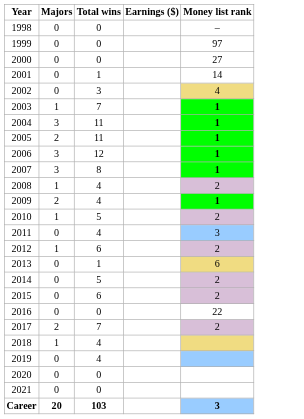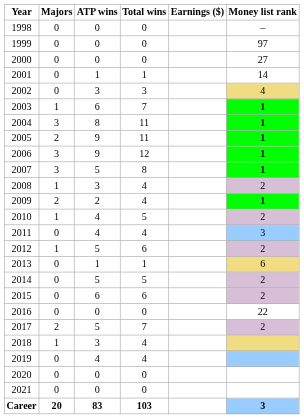 <table cellpadding=3 cellspacing=0 border=1 style=font-size:100%;border:#aaa;solid:1;border-collapse:collapse;text-align:center>
 <tr>
 <th>Year</th>
 <th>Majors</th>
+<th>ATP wins</th>
 <th>Total wins</th>
 <th>Earnings ($)</th>
 <th>Money list rank</th>
 </tr>
 <tr>
 <td>1998</td>
+<td>0</td>
 <td>0</td>
 <td>0</td>
 <td align=right></td>
 <td>–</td>
 </tr>
 <tr>
 <td>1999</td>
 <td>0</td>
 <td>0</td>
+<td>0</td>
 <td align=right></td>
 <td>97</td>
 </tr>
 <tr>
 <td>2000</td>
+<td>0</td>
 <td>0</td>
 <td>0</td>
 <td align=right></td>
 <td>27</td>
 </tr>
 <tr>
 <td>2001</td>
 <td>0</td>
 <td>1</td>
+<td>1</td>
 <td align=right></td>
 <td>14</td>
 </tr>
 <tr>
 <td>2002</td>
 <td>0</td>
 <td>3</td>
+<td>3</td>
 <td align=right></td>
 <td bgcolor=f0dc82>4</td>
 </tr>
 <tr>
 <td>2003</td>
 <td>1</td>
+<td>6</td>
 <td>7</td>
 <td align=right></td>
 <td bgcolor=lime><strong>1</strong></td>
 </tr>
 <tr>
 <td>2004</td>
 <td>3</td>
+<td>8</td>
 <td>11</td>
 <td align=right></td>
 <td bgcolor=lime><strong>1</strong></td>
 </tr>
 <tr>
 <td>2005</td>
 <td>2</td>
+<td>9</td>
 <td>11</td>
 <td align=right></td>
 <td bgcolor=lime><strong>1</strong></td>
 </tr>
 <tr>
 <td>2006</td>
 <td>3</td>
+<td>9</td>
 <td>12</td>
 <td align=right></td>
 <td bgcolor=lime><strong>1</strong></td>
 </tr>
 <tr>
 <td>2007</td>
 <td>3</td>
+<td>5</td>
 <td>8</td>
 <td align=right></td>
 <td bgcolor=lime><strong>1</strong></td>
 </tr>
 <tr>
 <td>2008</td>
 <td>1</td>
+<td>3</td>
 <td>4</td>
 <td align=right></td>
 <td style="background:thistle;">2</td>
 </tr>
 <tr>
 <td>2009</td>
+<td>2</td>
 <td>2</td>
 <td>4</td>
 <td align=right></td>
 <td bgcolor=lime><strong>1</strong></td>
 </tr>
 <tr>
 <td>2010</td>
 <td>1</td>
+<td>4</td>
 <td>5</td>
 <td align=right></td>
 <td style="background:thistle;">2</td>
 </tr>
 <tr>
 <td>2011</td>
 <td>0</td>
 <td>4</td>
+<td>4</td>
 <td align=right></td>
 <td style="background:#9cf;">3</td>
 </tr>
 <tr>
 <td>2012</td>
 <td>1</td>
+<td>5</td>
 <td>6</td>
 <td align=right></td>
 <td style="background:thistle;">2</td>
 </tr>
 <tr>
 <td>2013</td>
 <td>0</td>
 <td>1</td>
+<td>1</td>
 <td align=right></td>
 <td bgcolor=f0dc82>6</td>
 </tr>
 <tr>
 <td>2014</td>
 <td>0</td>
+<td>5</td>
 <td>5</td>
 <td align=right></td>
 <td style="background:thistle;">2</td>
 </tr>
 <tr>
 <td>2015</td>
 <td>0</td>
 <td>6</td>
+<td>6</td>
 <td align=right></td>
 <td style="background:thistle;">2</td>
 </tr>
 <tr>
 <td>2016</td>
+<td>0</td>
 <td>0</td>
 <td>0</td>
 <td align=right></td>
 <td>22</td>
 </tr>
 <tr>
 <td>2017</td>
 <td>2</td>
+<td>5</td>
 <td>7</td>
 <td align=right></td>
 <td style="background:thistle;">2</td>
 </tr>
 <tr>
 <td>2018</td>
 <td>1</td>
+<td>3</td>
 <td>4</td>
 <td align=right></td>
 <td bgcolor=f0dc82></td>
 </tr>
 <tr>
 <td>2019</td>
 <td>0</td>
 <td>4</td>
+<td>4</td>
 <td align=right></td>
 <td style="background:#9cf;"></td>
 </tr>
 <tr>
 <td>2020</td>
+<td>0</td>
 <td>0</td>
 <td>0</td>
 <td align=right></td>
 <td></td>
 </tr>
 <tr>
 <td>2021</td>
 <td>0</td>
 <td>0</td>
+<td>0</td>
 <td align=right></td>
 <td></td>
 </tr>
 <tr>
 <td><strong>Career</strong></td>
 <td><strong>20</strong></td>
+<td><strong>83</strong></td>
 <td><strong>103</strong></td>
 <th align=right></th>
 <th style="background:#9cf;">3</th>
 </tr>
 </table>
